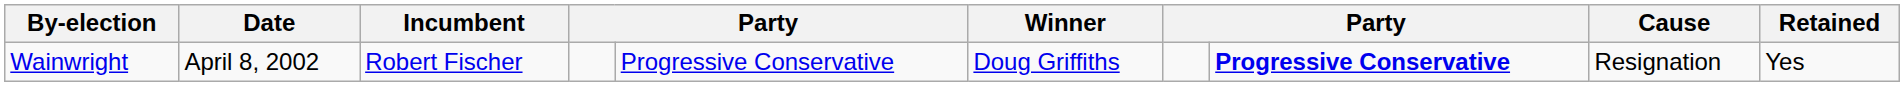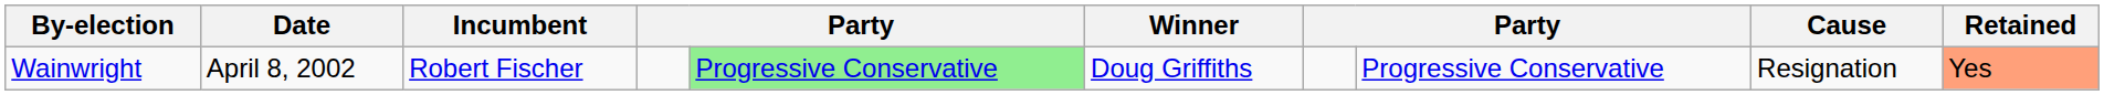 <table class=wikitable style="width:100%">
 <tr>
 <th>By-election</th>
 <th>Date</th>
 <th>Incumbent</th>
 <th colspan=2>Party</th>
 <th>Winner</th>
 <th colspan=2>Party</th>
 <th>Cause</th>
 <th>Retained</th>
 </tr>
 <tr>
 <td><a href='#'>Wainwright</a></td>
 <td>April 8, 2002</td>
 <td><a href='#'>Robert Fischer</a></td>
 <td>    </td>
-<td><a href='#'>Progressive Conservative</a></td>
+<td style="background: lightgreen;"><a href='#'>Progressive Conservative</a></td>
 <td><a href='#'>Doug Griffiths</a></td>
 <td>    </td>
-<td><strong><a href='#'>Progressive Conservative</a></strong></td>
+<td><a href='#'>Progressive Conservative</a></td>
 <td>Resignation</td>
-<td>Yes</td>
+<td style="background: lightsalmon;">Yes</td>
 </tr>
 </table>
